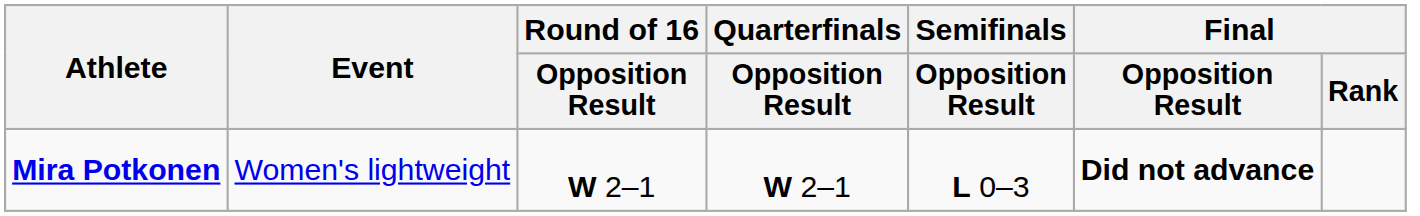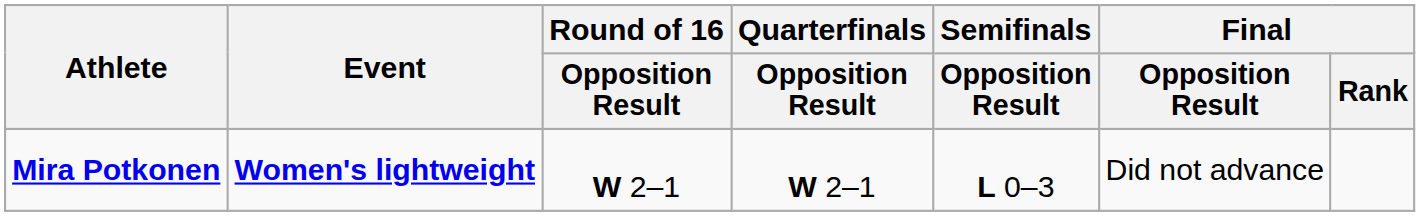 <table class="wikitable" style="font-size:90%">
 <tr>
 <th rowspan="2">Athlete</th>
 <th rowspan="2">Event</th>
 <th>Round of 16</th>
 <th>Quarterfinals</th>
 <th>Semifinals</th>
 <th colspan=2>Final</th>
 </tr>
 <tr style="font-size:95%">
 <th>Opposition<br>Result</th>
 <th>Opposition<br>Result</th>
 <th>Opposition<br>Result</th>
 <th>Opposition<br>Result</th>
 <th>Rank</th>
 </tr>
 <tr align=center>
 <td align=left><strong><a href='#'>Mira Potkonen</a></strong></td>
-<td align=left><a href='#'>Women's lightweight</a></td>
+<td align=left><strong><a href='#'>Women's lightweight</a></strong></td>
 <td><br><strong>W</strong> 2–1</td>
 <td><br><strong>W</strong> 2–1</td>
 <td><br><strong>L</strong> 0–3</td>
-<td><strong>Did not advance</strong></td>
+<td>Did not advance</td>
 <td></td>
 </tr>
 </table>
